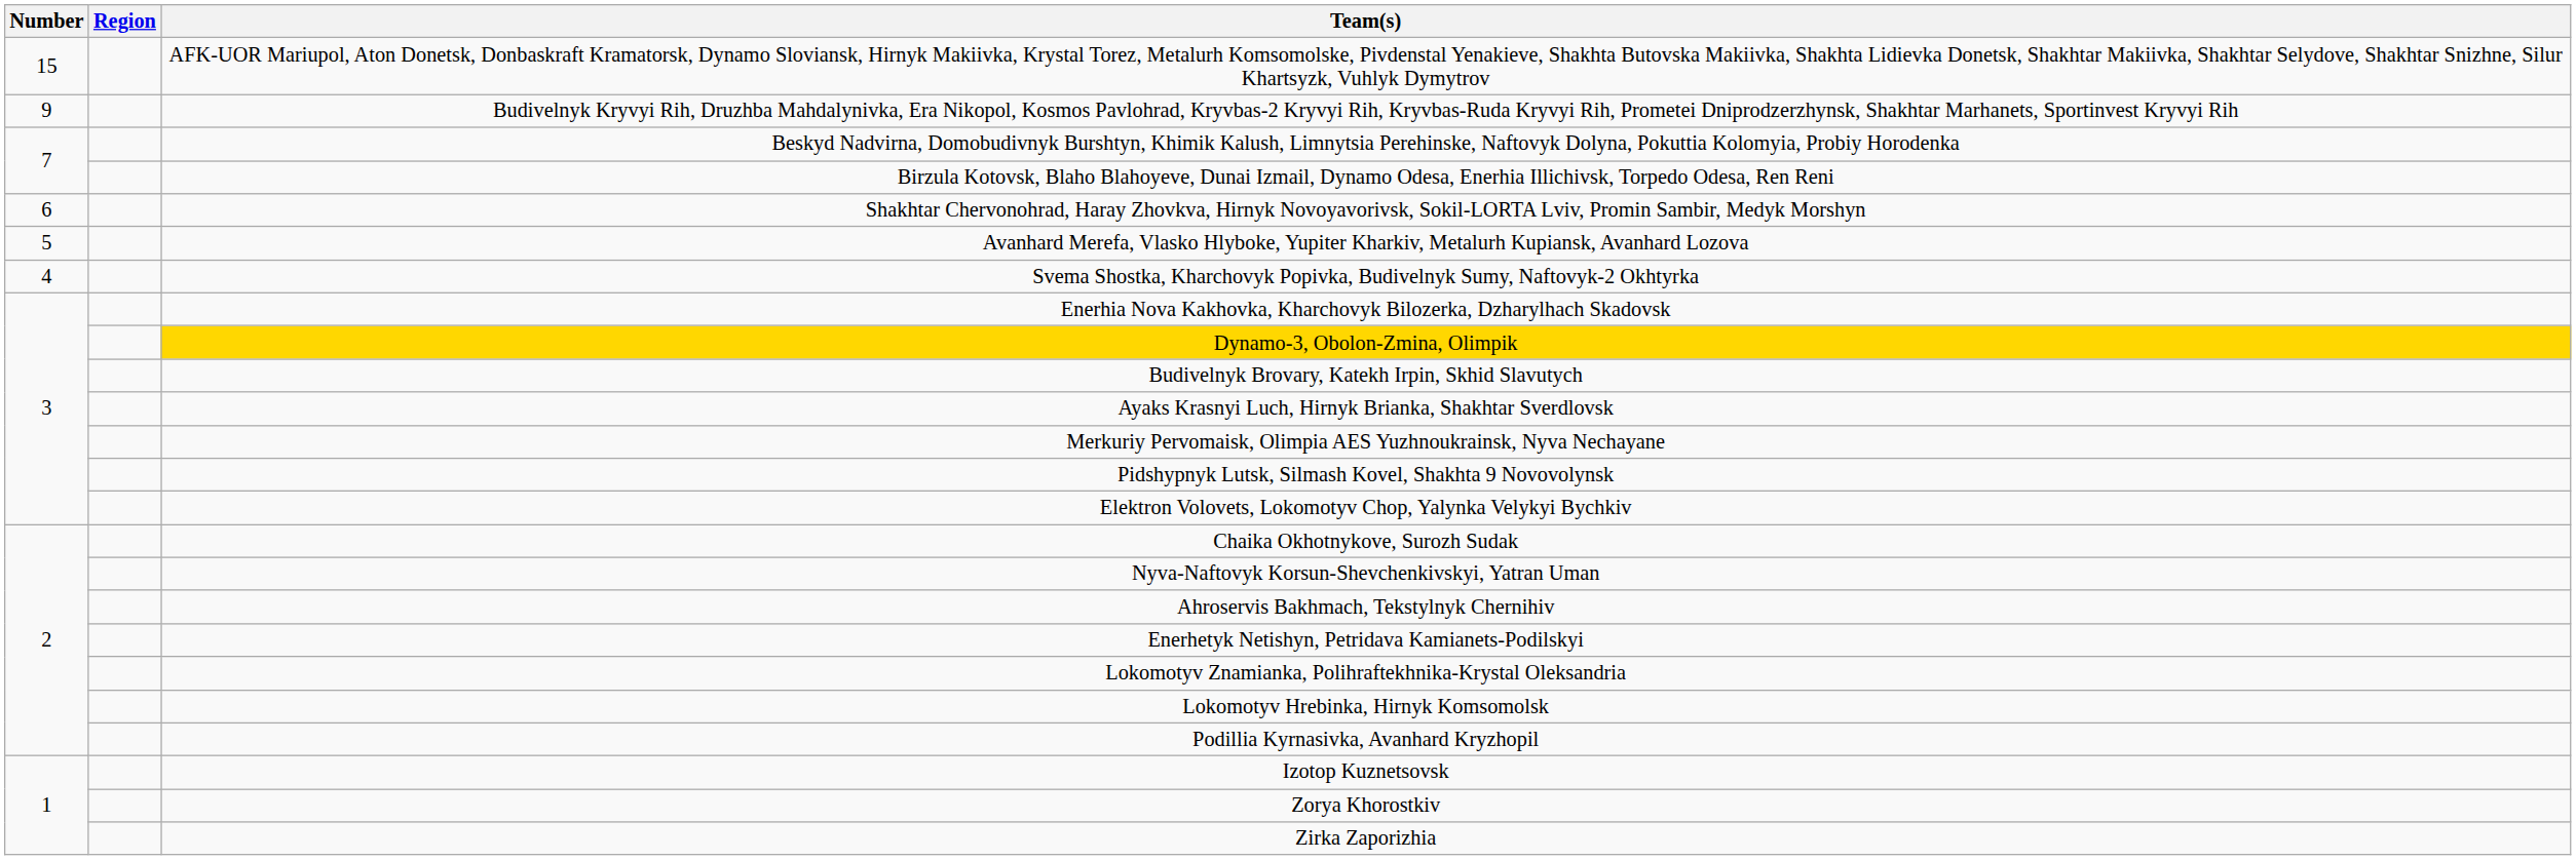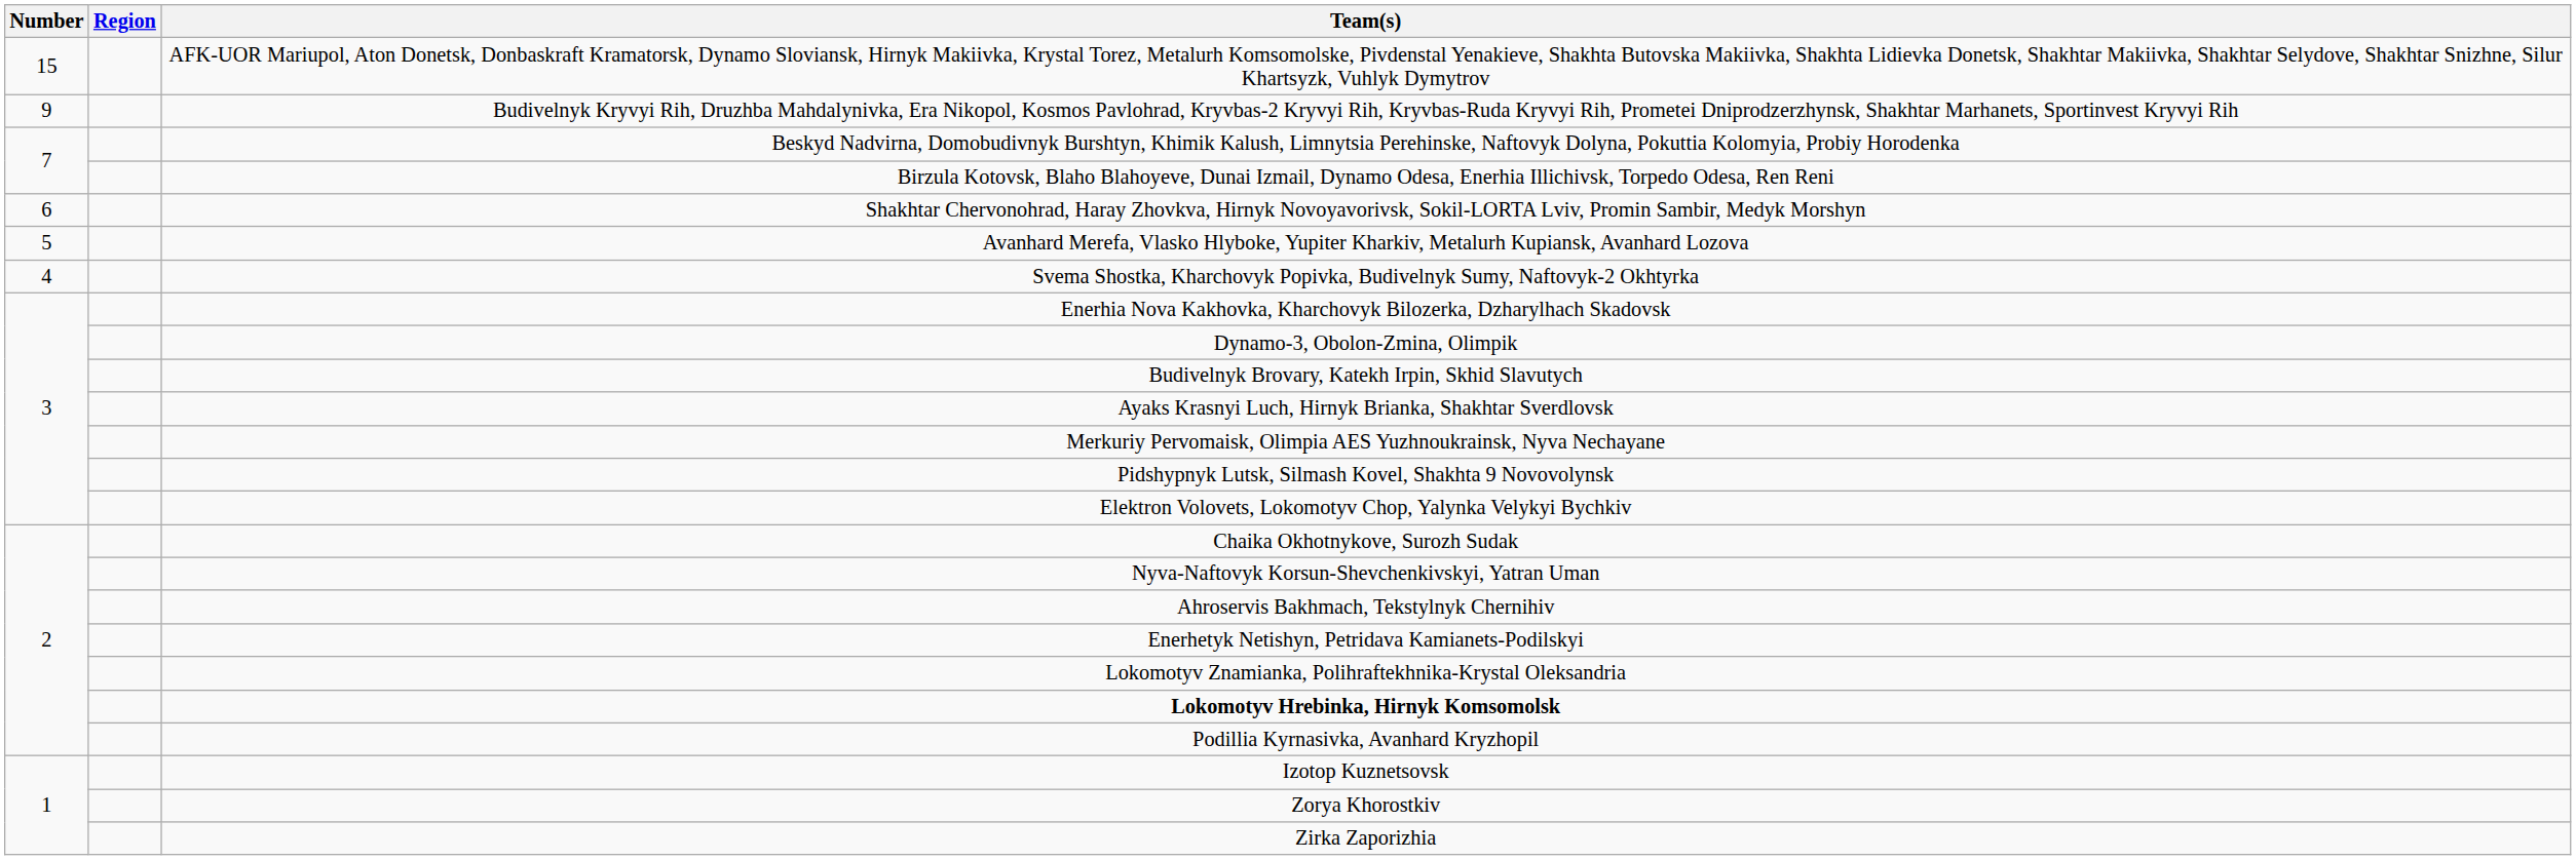 <table class="wikitable" style="text-align:center">
 <tr>
 <th>Number</th>
 <th><a href='#'>Region</a></th>
 <th>Team(s)</th>
 </tr>
 <tr>
 <td rowspan="1">15</td>
 <td align="left"></td>
 <td>AFK-UOR Mariupol, Aton Donetsk, Donbaskraft Kramatorsk, Dynamo Sloviansk, Hirnyk Makiivka, Krystal Torez, Metalurh Komsomolske, Pivdenstal Yenakieve, Shakhta Butovska Makiivka, Shakhta Lidievka Donetsk, Shakhtar Makiivka, Shakhtar Selydove, Shakhtar Snizhne, Silur Khartsyzk, Vuhlyk Dymytrov</td>
 </tr>
 <tr>
 <td rowspan="1">9</td>
 <td align="left"></td>
 <td>Budivelnyk Kryvyi Rih, Druzhba Mahdalynivka, Era Nikopol, Kosmos Pavlohrad, Kryvbas-2 Kryvyi Rih, Kryvbas-Ruda Kryvyi Rih, Prometei Dniprodzerzhynsk, Shakhtar Marhanets, Sportinvest Kryvyi Rih</td>
 </tr>
 <tr>
 <td rowspan="2">7</td>
 <td align="left"></td>
 <td>Beskyd Nadvirna, Domobudivnyk Burshtyn, Khimik Kalush, Limnytsia Perehinske, Naftovyk Dolyna, Pokuttia Kolomyia, Probiy Horodenka</td>
 </tr>
 <tr>
 <td align="left"></td>
 <td>Birzula Kotovsk, Blaho Blahoyeve, Dunai Izmail, Dynamo Odesa, Enerhia Illichivsk, Torpedo Odesa, Ren Reni</td>
 </tr>
 <tr>
 <td rowspan="1">6</td>
 <td align="left"></td>
 <td>Shakhtar Chervonohrad, Haray Zhovkva, Hirnyk Novoyavorivsk, Sokil-LORTA Lviv, Promin Sambir, Medyk Morshyn</td>
 </tr>
 <tr>
 <td rowspan="1">5</td>
 <td align="left"></td>
 <td>Avanhard Merefa, Vlasko Hlyboke, Yupiter Kharkiv, Metalurh Kupiansk, Avanhard Lozova</td>
 </tr>
 <tr>
 <td rowspan="1">4</td>
 <td align="left"></td>
 <td>Svema Shostka, Kharchovyk Popivka, Budivelnyk Sumy, Naftovyk-2 Okhtyrka</td>
 </tr>
 <tr>
 <td rowspan="7">3</td>
 <td align="left"></td>
 <td>Enerhia Nova Kakhovka, Kharchovyk Bilozerka, Dzharylhach Skadovsk</td>
 </tr>
 <tr>
 <td align="left"></td>
-<td style="background: gold;">Dynamo-3, Obolon-Zmina, Olimpik</td>
+<td>Dynamo-3, Obolon-Zmina, Olimpik</td>
 </tr>
 <tr>
 <td align="left"></td>
 <td>Budivelnyk Brovary, Katekh Irpin, Skhid Slavutych</td>
 </tr>
 <tr>
 <td align="left"></td>
 <td>Ayaks Krasnyi Luch, Hirnyk Brianka, Shakhtar Sverdlovsk</td>
 </tr>
 <tr>
 <td align="left"></td>
 <td>Merkuriy Pervomaisk, Olimpia AES Yuzhnoukrainsk, Nyva Nechayane</td>
 </tr>
 <tr>
 <td align="left"></td>
 <td>Pidshypnyk Lutsk, Silmash Kovel, Shakhta 9 Novovolynsk</td>
 </tr>
 <tr>
 <td align="left"></td>
 <td>Elektron Volovets, Lokomotyv Chop, Yalynka Velykyi Bychkiv</td>
 </tr>
 <tr>
 <td rowspan="7">2</td>
 <td align="left"></td>
 <td>Chaika Okhotnykove, Surozh Sudak</td>
 </tr>
 <tr>
 <td align="left"></td>
 <td>Nyva-Naftovyk Korsun-Shevchenkivskyi, Yatran Uman</td>
 </tr>
 <tr>
 <td align="left"></td>
 <td>Ahroservis Bakhmach, Tekstylnyk Chernihiv</td>
 </tr>
 <tr>
 <td align="left"></td>
 <td>Enerhetyk Netishyn, Petridava Kamianets-Podilskyi</td>
 </tr>
 <tr>
 <td align="left"></td>
 <td>Lokomotyv Znamianka, Polihraftekhnika-Krystal Oleksandria</td>
 </tr>
 <tr>
 <td align="left"></td>
-<td>Lokomotyv Hrebinka, Hirnyk Komsomolsk</td>
+<td><strong>Lokomotyv Hrebinka, Hirnyk Komsomolsk</strong></td>
 </tr>
 <tr>
 <td align="left"></td>
 <td>Podillia Kyrnasivka, Avanhard Kryzhopil</td>
 </tr>
 <tr>
 <td rowspan="26">1</td>
 <td align="left"></td>
 <td>Izotop Kuznetsovsk</td>
 </tr>
 <tr>
 <td align="left"></td>
 <td>Zorya Khorostkiv</td>
 </tr>
 <tr>
 <td align="left"></td>
 <td>Zirka Zaporizhia</td>
 </tr>
 </table>
